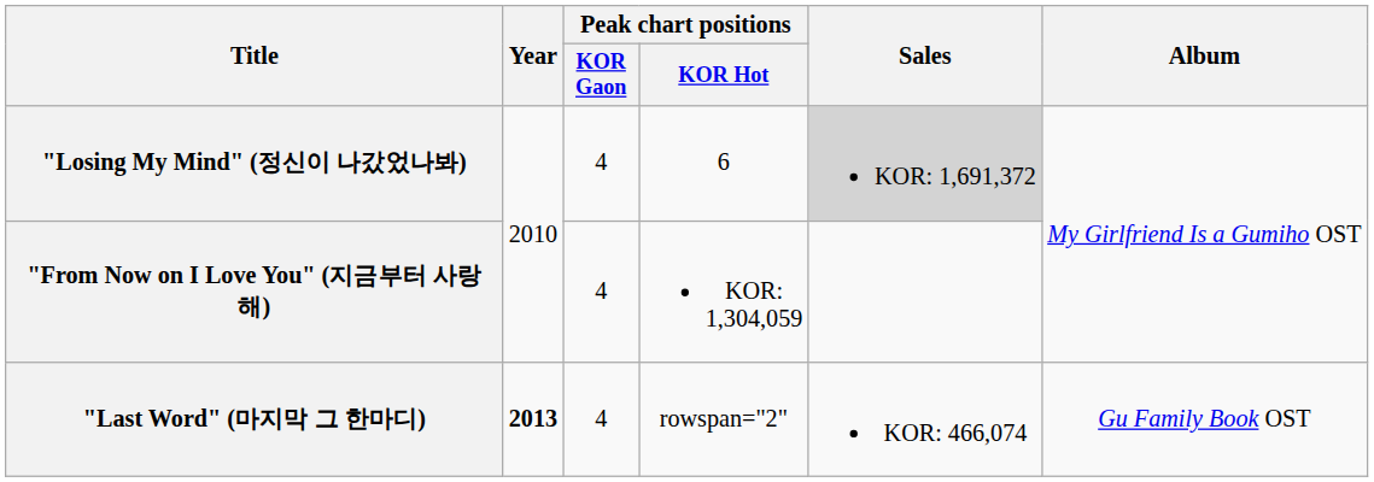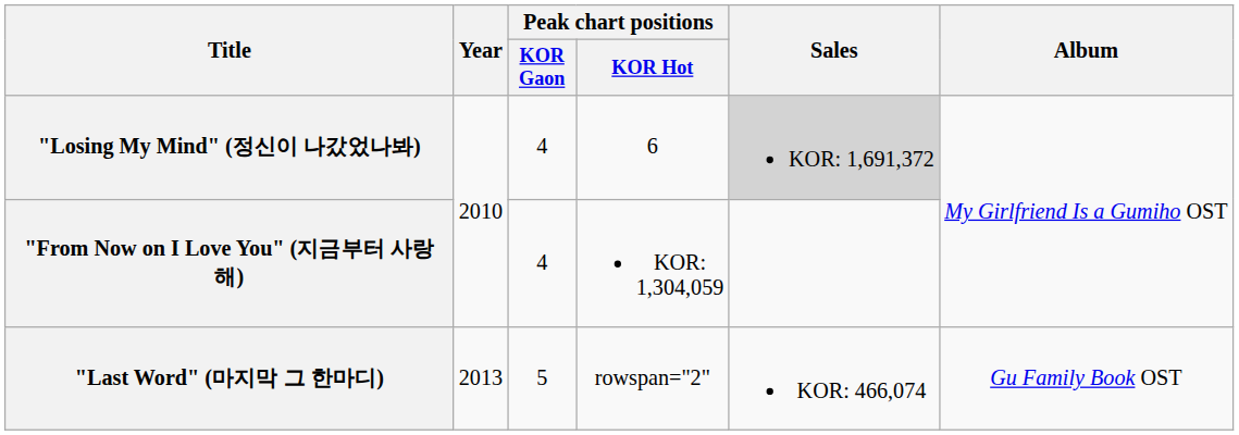 <table class="wikitable plainrowheaders" style="text-align:center;">
 <tr>
 <th rowspan="2" scope="col" style="width:20em;">Title</th>
 <th rowspan="2" scope="col">Year</th>
 <th colspan="2" scope="col" style="width:5em;">Peak chart positions</th>
 <th rowspan="2">Sales</th>
 <th rowspan="2" scope="col">Album</th>
 </tr>
 <tr>
 <th scope="col" style="width:3em;font-size:90%;"><a href='#'>KOR Gaon</a><br></th>
 <th scope="col" style="width:3em;font-size:90%;"><a href='#'>KOR Hot</a><br></th>
 </tr>
 <tr>
 <th scope="row">"Losing My Mind" (정신이 나갔었나봐)</th>
 <td rowspan="2">2010</td>
 <td>4</td>
 <td>6</td>
 <td style="background: lightgrey;"><br><ul><li>KOR: 1,691,372</li></ul></td>
 <td rowspan="2"><em><a href='#'>My Girlfriend Is a Gumiho</a></em> OST</td>
 </tr>
 <tr>
 <th scope="row">"From Now on I Love You" (지금부터 사랑해)</th>
 <td>4</td>
 <td><br><ul><li>KOR: 1,304,059</li></ul></td>
 </tr>
 <tr>
 <th scope="row">"Last Word" (마지막 그 한마디)</th>
-<td><strong>2013</strong></td>
-<td>4</td>
+<td>2013</td>
+<td>5</td>
 <td>rowspan="2" </td>
 <td><br><ul><li>KOR: 466,074</li></ul></td>
 <td><em><a href='#'>Gu Family Book</a></em> OST</td>
 </tr>
 </table>
